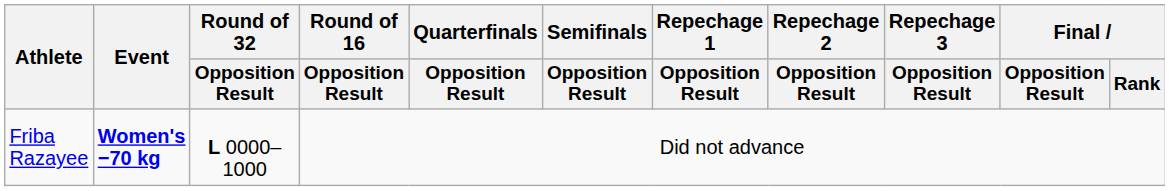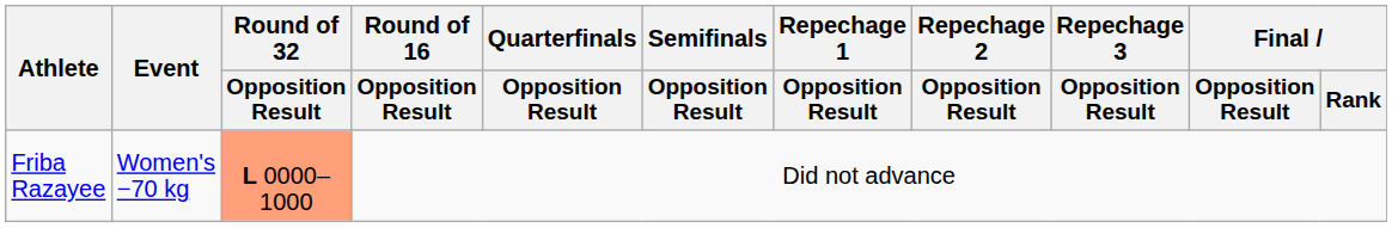 <table class="wikitable" style="font-size:90%">
 <tr>
 <th rowspan="2">Athlete</th>
 <th rowspan="2">Event</th>
 <th scope="col">Round of 32</th>
 <th scope="col">Round of 16</th>
 <th scope="col">Quarterfinals</th>
 <th scope="col">Semifinals</th>
 <th scope="col">Repechage 1</th>
 <th scope="col">Repechage 2</th>
 <th scope="col">Repechage 3</th>
 <th colspan="2">Final / </th>
 </tr>
 <tr style="font-size:95%">
 <th scope="col">Opposition<br>Result</th>
 <th scope="col">Opposition<br>Result</th>
 <th scope="col">Opposition<br>Result</th>
 <th scope="col">Opposition<br>Result</th>
 <th scope="col">Opposition<br>Result</th>
 <th scope="col">Opposition<br>Result</th>
 <th scope="col">Opposition<br>Result</th>
 <th scope="col">Opposition<br>Result</th>
 <th scope="col">Rank</th>
 </tr>
 <tr align="center">
 <td align="left"><a href='#'>Friba Razayee</a></td>
-<td align="left"><strong><a href='#'>Women's −70 kg</a></strong></td>
-<td><br><strong>L</strong> 0000–1000</td>
+<td align="left"><a href='#'>Women's −70 kg</a></td>
+<td style="background: lightsalmon;"><br><strong>L</strong> 0000–1000</td>
 <td colspan="8">Did not advance</td>
 </tr>
 </table>
